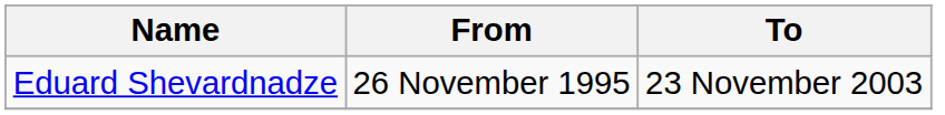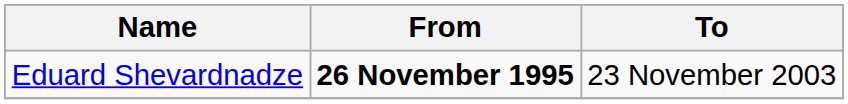 <table class="wikitable plainrowheaders" style="text-align:center;">
 <tr>
 <th>Name</th>
 <th>From</th>
 <th>To</th>
 </tr>
 <tr>
 <td><a href='#'>Eduard Shevardnadze</a></td>
-<td>26 November 1995</td>
+<td><strong>26 November 1995</strong></td>
 <td>23 November 2003</td>
 </tr>
 <tr>
 </tr>
 </table>
